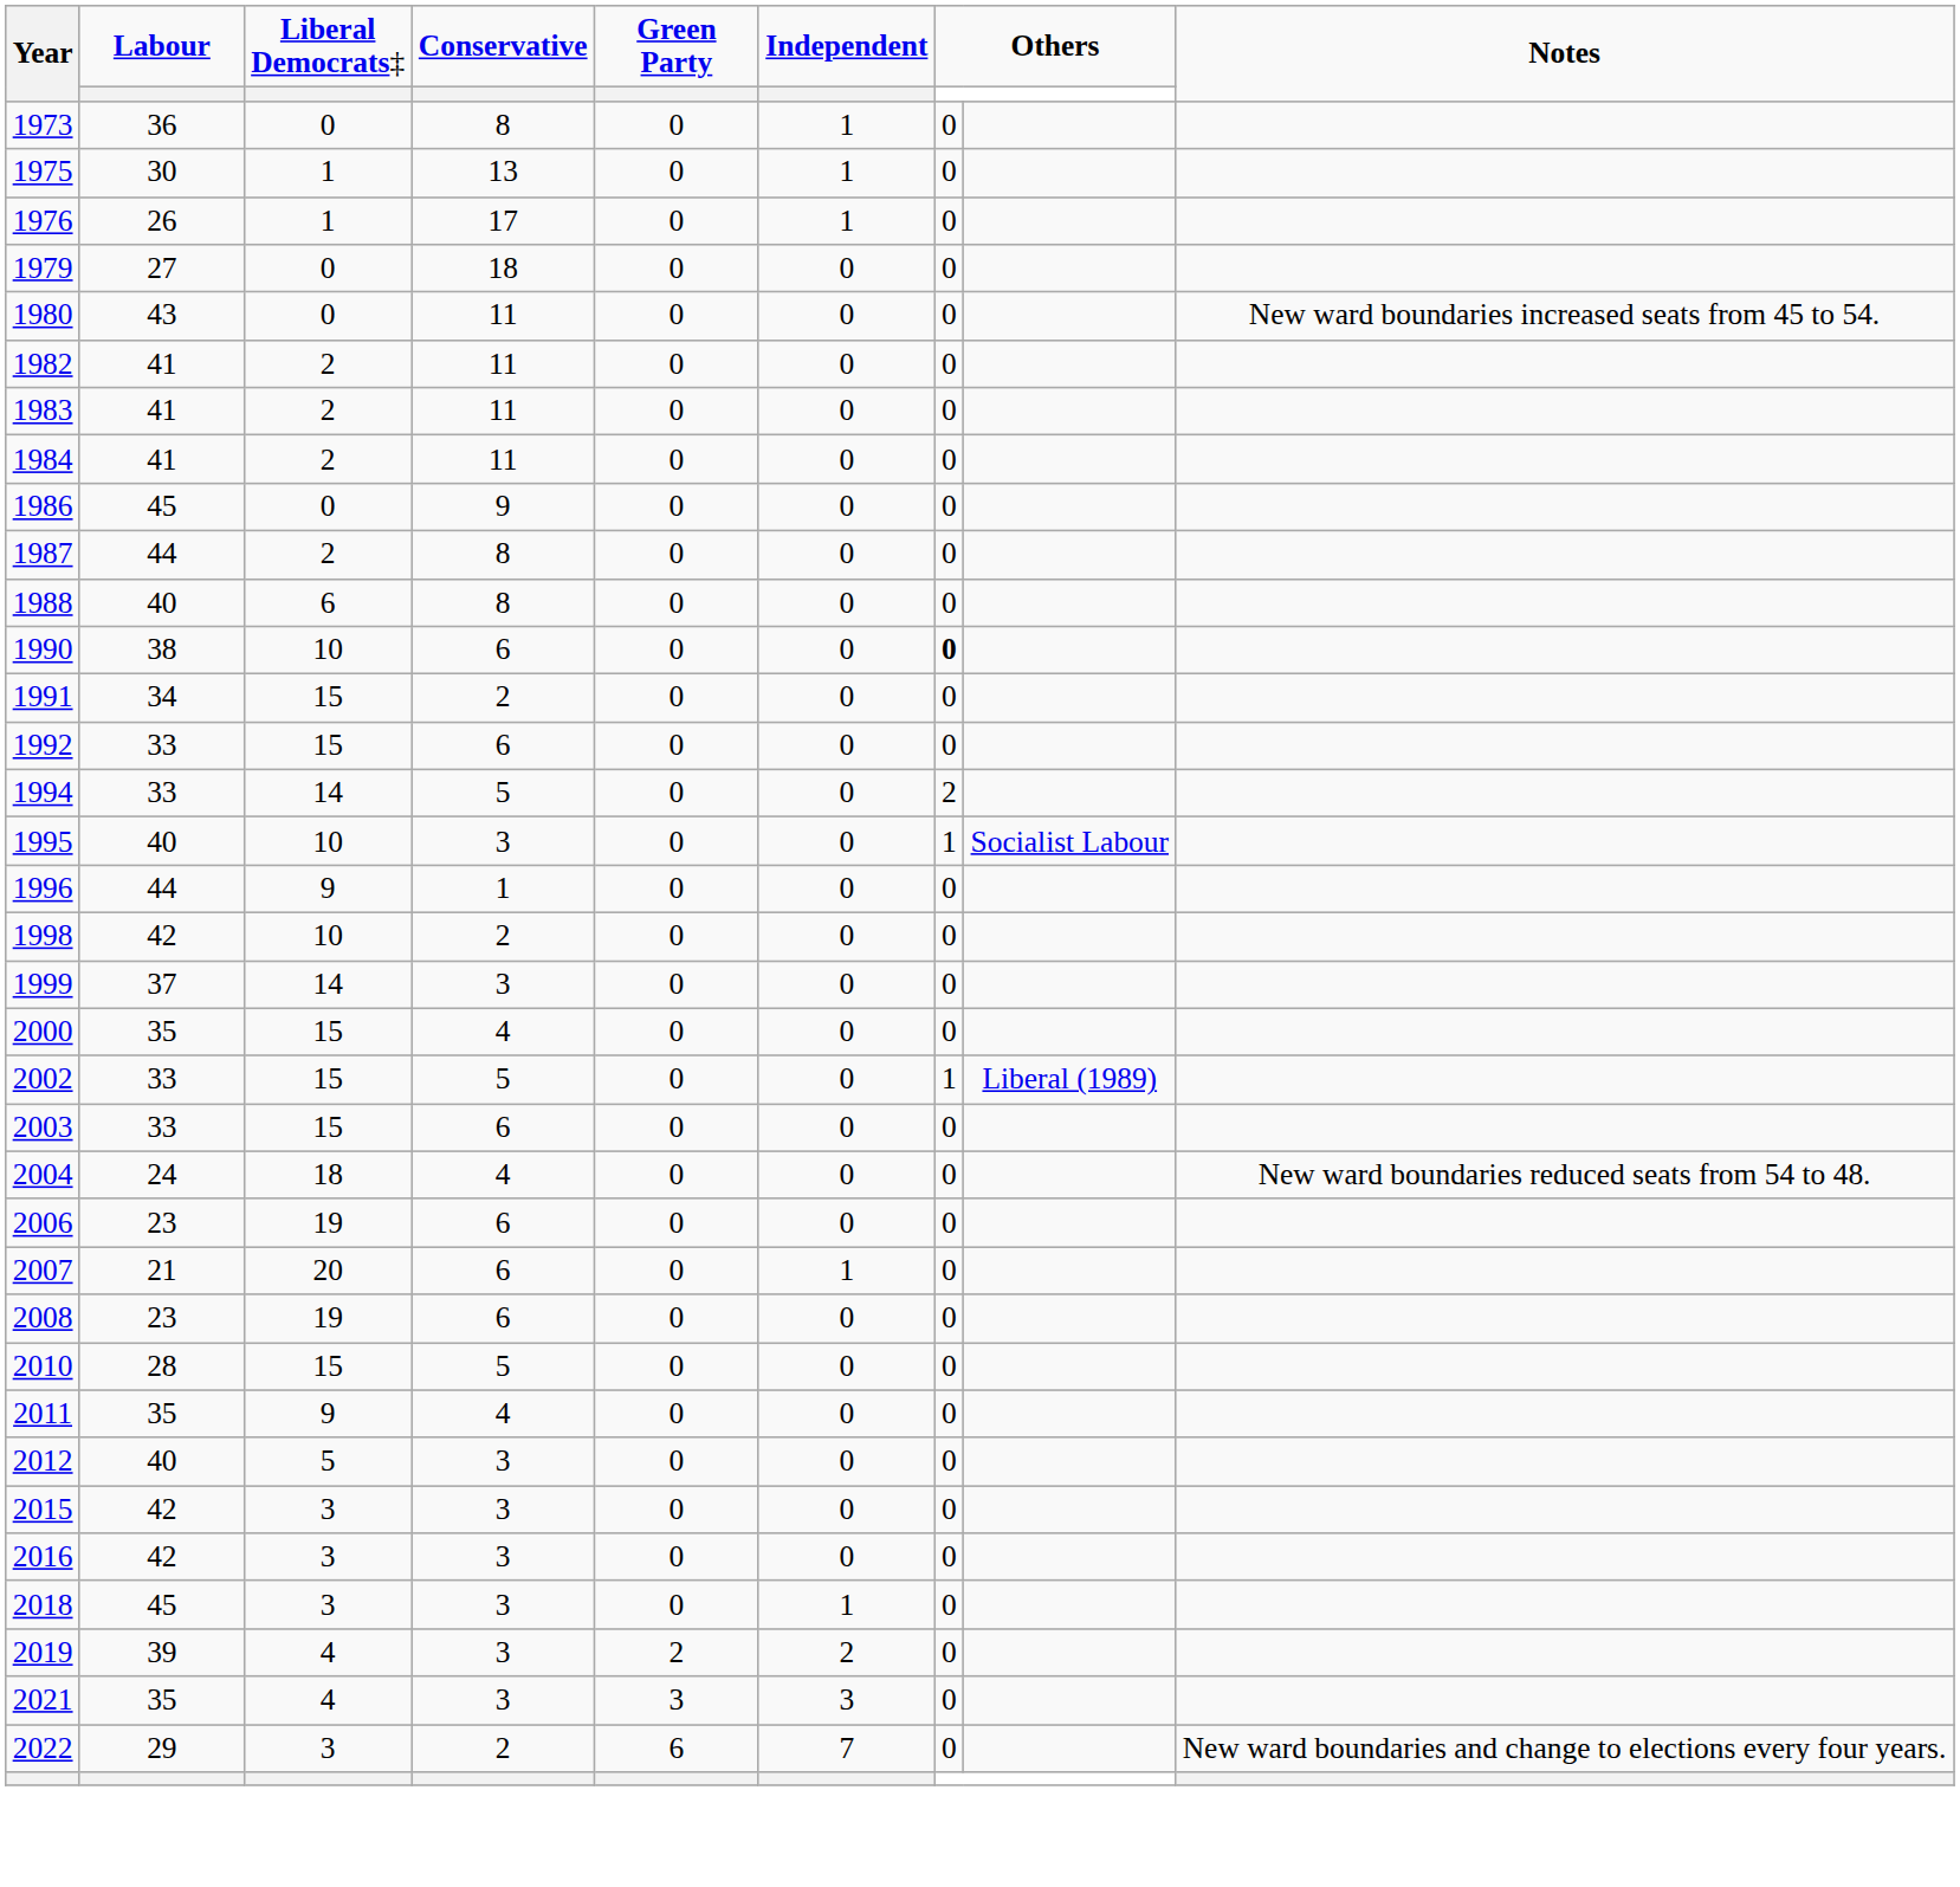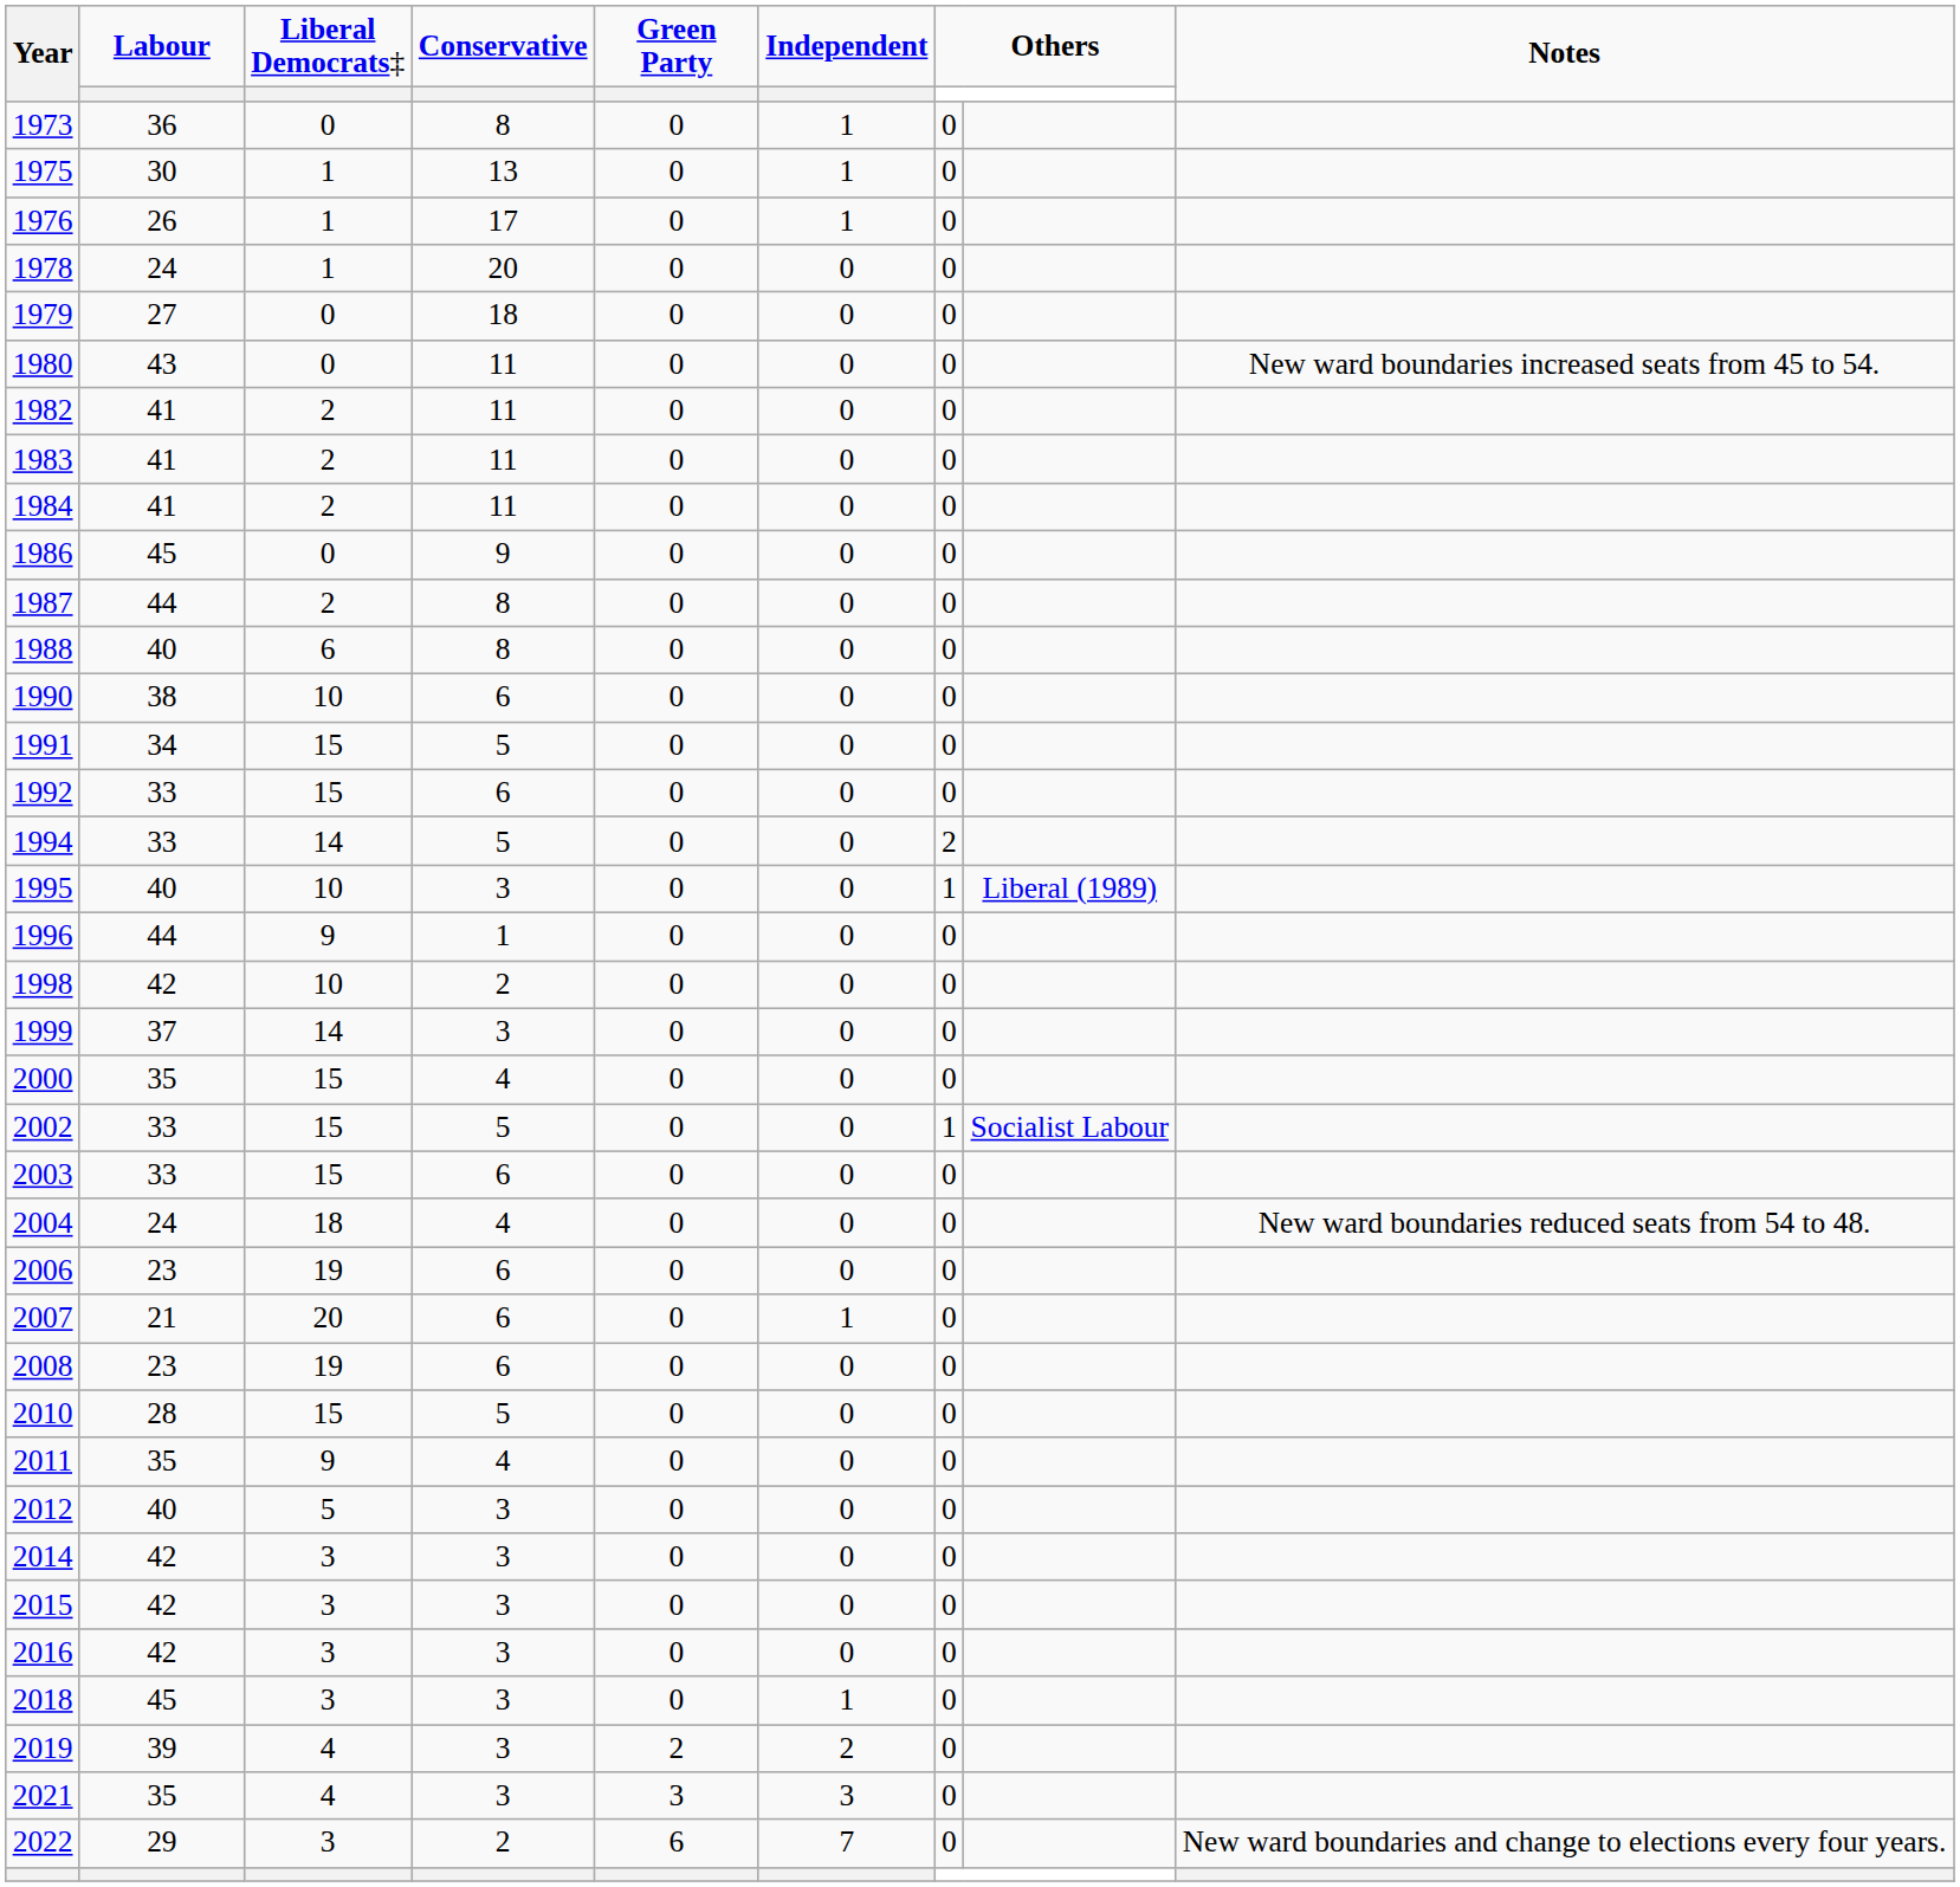 <table class=wikitable style=text-align:center>
 <tr>
 <th rowspan=2><strong>Year</strong></th>
 <td width="80"><a href='#'><strong>Labour</strong></a></td>
 <td width="80"><a href='#'><strong>Liberal Democrats</strong></a>‡</td>
 <td width="80"><a href='#'><strong>Conservative</strong></a></td>
 <td width="80"><a href='#'><strong>Green Party</strong></a></td>
 <td width="80"><a href='#'><strong>Independent</strong></a></td>
 <td colspan=2><strong>Others</strong></td>
 <td rowspan=2><strong>Notes</strong></td>
 </tr>
 <tr>
 <th style="background-color: "></th>
 <th style="background-color: "></th>
 <th style="background-color: "></th>
 <th style="background-color: "></th>
 <th style="background-color: "></th>
 <th colspan=2 style="background-color: white; width: 3px;"></th>
 </tr>
 <tr>
 <td><a href='#'>1973</a></td>
 <td>36</td>
 <td>0</td>
 <td>8</td>
 <td>0</td>
 <td>1</td>
 <td>0</td>
 <td></td>
 <td></td>
 </tr>
 <tr>
 <td><a href='#'>1975</a></td>
 <td>30</td>
 <td>1</td>
 <td>13</td>
 <td>0</td>
 <td>1</td>
 <td>0</td>
 <td></td>
 <td></td>
 </tr>
 <tr>
 <td><a href='#'>1976</a></td>
 <td>26</td>
 <td>1</td>
 <td>17</td>
 <td>0</td>
 <td>1</td>
+<td>0</td>
+<td></td>
+<td></td>
+</tr>
+<tr>
+<td><a href='#'>1978</a></td>
+<td>24</td>
+<td>1</td>
+<td>20</td>
+<td>0</td>
+<td>0</td>
 <td>0</td>
 <td></td>
 <td></td>
 </tr>
 <tr>
 <td><a href='#'>1979</a></td>
 <td>27</td>
 <td>0</td>
 <td>18</td>
 <td>0</td>
 <td>0</td>
 <td>0</td>
 <td></td>
 <td></td>
 </tr>
 <tr>
 <td><a href='#'>1980</a></td>
 <td>43</td>
 <td>0</td>
 <td>11</td>
 <td>0</td>
 <td>0</td>
 <td>0</td>
 <td></td>
 <td>New ward boundaries increased seats from 45 to 54.</td>
 </tr>
 <tr>
 <td><a href='#'>1982</a></td>
 <td>41</td>
 <td>2</td>
 <td>11</td>
 <td>0</td>
 <td>0</td>
 <td>0</td>
 <td></td>
 <td></td>
 </tr>
 <tr>
 <td><a href='#'>1983</a></td>
 <td>41</td>
 <td>2</td>
 <td>11</td>
 <td>0</td>
 <td>0</td>
 <td>0</td>
 <td></td>
 <td></td>
 </tr>
 <tr>
 <td><a href='#'>1984</a></td>
 <td>41</td>
 <td>2</td>
 <td>11</td>
 <td>0</td>
 <td>0</td>
 <td>0</td>
 <td></td>
 <td></td>
 </tr>
 <tr>
 <td><a href='#'>1986</a></td>
 <td>45</td>
 <td>0</td>
 <td>9</td>
 <td>0</td>
 <td>0</td>
 <td>0</td>
 <td></td>
 <td></td>
 </tr>
 <tr>
 <td><a href='#'>1987</a></td>
 <td>44</td>
 <td>2</td>
 <td>8</td>
 <td>0</td>
 <td>0</td>
 <td>0</td>
 <td></td>
 <td></td>
 </tr>
 <tr>
 <td><a href='#'>1988</a></td>
 <td>40</td>
 <td>6</td>
 <td>8</td>
 <td>0</td>
 <td>0</td>
 <td>0</td>
 <td></td>
 <td></td>
 </tr>
 <tr>
 <td><a href='#'>1990</a></td>
 <td>38</td>
 <td>10</td>
 <td>6</td>
 <td>0</td>
 <td>0</td>
-<td><strong>0</strong></td>
+<td>0</td>
 <td></td>
 <td></td>
 </tr>
 <tr>
 <td><a href='#'>1991</a></td>
 <td>34</td>
 <td>15</td>
-<td>2</td>
+<td>5</td>
 <td>0</td>
 <td>0</td>
 <td>0</td>
 <td></td>
 <td></td>
 </tr>
 <tr>
 <td><a href='#'>1992</a></td>
 <td>33</td>
 <td>15</td>
 <td>6</td>
 <td>0</td>
 <td>0</td>
 <td>0</td>
 <td></td>
 <td></td>
 </tr>
 <tr>
 <td><a href='#'>1994</a></td>
 <td>33</td>
 <td>14</td>
 <td>5</td>
 <td>0</td>
 <td>0</td>
 <td>2</td>
 <td></td>
 <td></td>
 </tr>
 <tr>
 <td><a href='#'>1995</a></td>
 <td>40</td>
 <td>10</td>
 <td>3</td>
 <td>0</td>
 <td>0</td>
 <td>1</td>
-<td><a href='#'>Socialist Labour</a></td>
+<td><a href='#'>Liberal (1989)</a></td>
 <td></td>
 </tr>
 <tr>
 <td><a href='#'>1996</a></td>
 <td>44</td>
 <td>9</td>
 <td>1</td>
 <td>0</td>
 <td>0</td>
 <td>0</td>
 <td></td>
 <td></td>
 </tr>
 <tr>
 <td><a href='#'>1998</a></td>
 <td>42</td>
 <td>10</td>
 <td>2</td>
 <td>0</td>
 <td>0</td>
 <td>0</td>
 <td></td>
 <td></td>
 </tr>
 <tr>
 <td><a href='#'>1999</a></td>
 <td>37</td>
 <td>14</td>
 <td>3</td>
 <td>0</td>
 <td>0</td>
 <td>0</td>
 <td></td>
 <td></td>
 </tr>
 <tr>
 <td><a href='#'>2000</a></td>
 <td>35</td>
 <td>15</td>
 <td>4</td>
 <td>0</td>
 <td>0</td>
 <td>0</td>
 <td></td>
 <td></td>
 </tr>
 <tr>
 <td><a href='#'>2002</a></td>
 <td>33</td>
 <td>15</td>
 <td>5</td>
 <td>0</td>
 <td>0</td>
 <td>1</td>
-<td><a href='#'>Liberal (1989)</a></td>
+<td><a href='#'>Socialist Labour</a></td>
 <td></td>
 </tr>
 <tr>
 <td><a href='#'>2003</a></td>
 <td>33</td>
 <td>15</td>
 <td>6</td>
 <td>0</td>
 <td>0</td>
 <td>0</td>
 <td></td>
 <td></td>
 </tr>
 <tr>
 <td><a href='#'>2004</a></td>
 <td>24</td>
 <td>18</td>
 <td>4</td>
 <td>0</td>
 <td>0</td>
 <td>0</td>
 <td></td>
 <td>New ward boundaries reduced seats from 54 to 48.</td>
 </tr>
 <tr>
 <td><a href='#'>2006</a></td>
 <td>23</td>
 <td>19</td>
 <td>6</td>
 <td>0</td>
 <td>0</td>
 <td>0</td>
 <td></td>
 <td></td>
 </tr>
 <tr>
 <td><a href='#'>2007</a></td>
 <td>21</td>
 <td>20</td>
 <td>6</td>
 <td>0</td>
 <td>1</td>
 <td>0</td>
 <td></td>
 <td></td>
 </tr>
 <tr>
 <td><a href='#'>2008</a></td>
 <td>23</td>
 <td>19</td>
 <td>6</td>
 <td>0</td>
 <td>0</td>
 <td>0</td>
 <td></td>
 <td></td>
 </tr>
 <tr>
 <td><a href='#'>2010</a></td>
 <td>28</td>
 <td>15</td>
 <td>5</td>
 <td>0</td>
 <td>0</td>
 <td>0</td>
 <td></td>
 <td></td>
 </tr>
 <tr>
 <td><a href='#'>2011</a></td>
 <td>35</td>
 <td>9</td>
 <td>4</td>
 <td>0</td>
 <td>0</td>
 <td>0</td>
 <td></td>
 <td></td>
 </tr>
 <tr>
 <td><a href='#'>2012</a></td>
 <td>40</td>
 <td>5</td>
 <td>3</td>
 <td>0</td>
 <td>0</td>
 <td>0</td>
 <td></td>
 <td></td>
 </tr>
 <tr>
+<td><a href='#'>2014</a></td>
+<td>42</td>
+<td>3</td>
+<td>3</td>
+<td>0</td>
+<td>0</td>
+<td>0</td>
+<td></td>
+<td></td>
+</tr>
+<tr>
 <td><a href='#'>2015</a></td>
 <td>42</td>
 <td>3</td>
 <td>3</td>
 <td>0</td>
 <td>0</td>
 <td>0</td>
 <td></td>
 <td></td>
 </tr>
 <tr>
 <td><a href='#'>2016</a></td>
 <td>42</td>
 <td>3</td>
 <td>3</td>
 <td>0</td>
 <td>0</td>
 <td>0</td>
 <td></td>
 <td></td>
 </tr>
 <tr>
 <td><a href='#'>2018</a></td>
 <td>45</td>
 <td>3</td>
 <td>3</td>
 <td>0</td>
 <td>1</td>
 <td>0</td>
 <td></td>
 <td></td>
 </tr>
 <tr>
 <td><a href='#'>2019</a></td>
 <td>39</td>
 <td>4</td>
 <td>3</td>
 <td>2</td>
 <td>2</td>
 <td>0</td>
 <td></td>
 <td></td>
 </tr>
 <tr>
 <td><a href='#'>2021</a></td>
 <td>35</td>
 <td>4</td>
 <td>3</td>
 <td>3</td>
 <td>3</td>
 <td>0</td>
 <td></td>
 <td></td>
 </tr>
 <tr>
 <td><a href='#'>2022</a></td>
 <td>29</td>
 <td>3</td>
 <td>2</td>
 <td>6</td>
 <td>7</td>
 <td>0</td>
 <td></td>
 <td>New ward boundaries and change to elections every four years.</td>
 </tr>
 <tr>
 <th></th>
 <th style="background-color: "></th>
 <th style="background-color: "></th>
 <th style="background-color: "></th>
 <th style="background-color: "></th>
 <th style="background-color: "></th>
 <th colspan=2 style="background-color: white; width: 3px;"></th>
 <th></th>
 </tr>
 </table>
